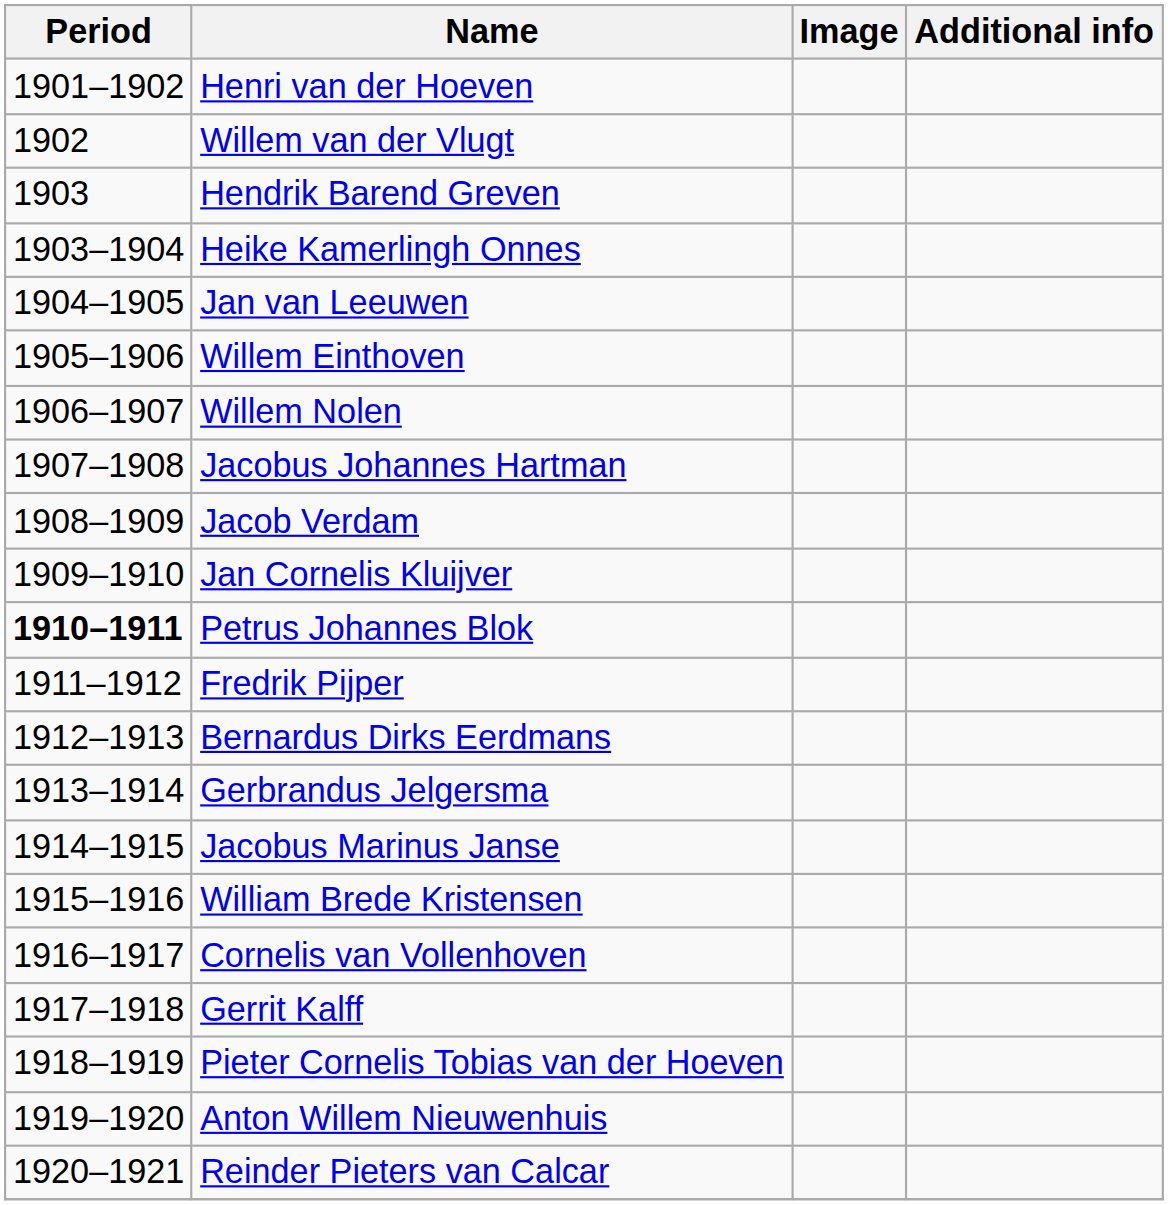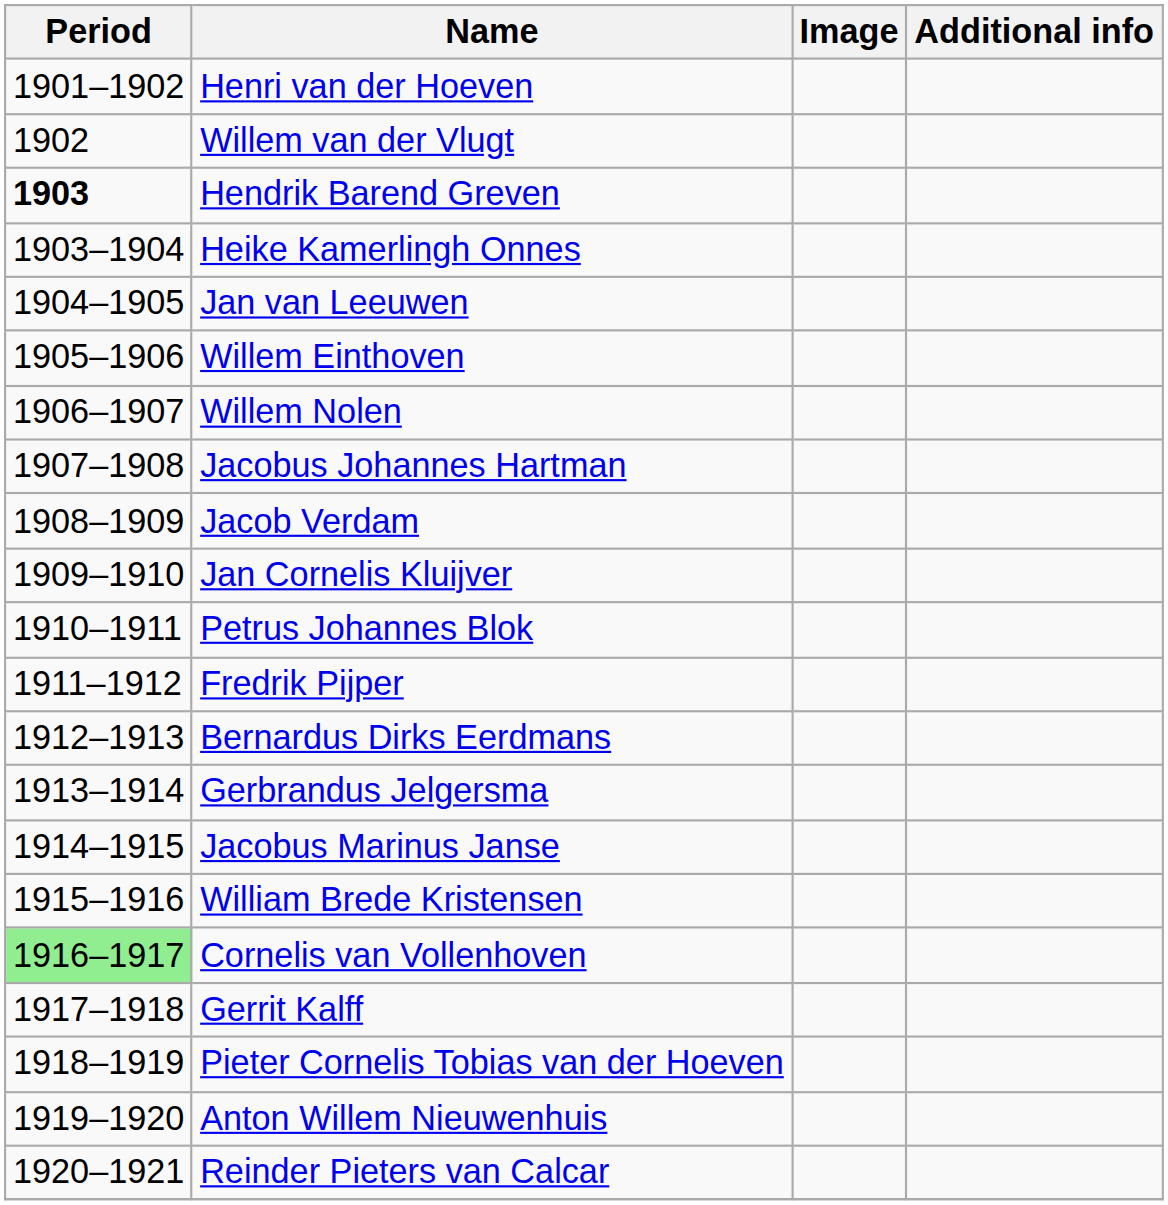 <table class="wikitable">
 <tr>
 <th>Period</th>
 <th>Name</th>
 <th>Image</th>
 <th>Additional info</th>
 </tr>
 <tr>
 <td>1901–1902</td>
 <td><a href='#'>Henri van der Hoeven</a></td>
 <td></td>
 <td></td>
 </tr>
 <tr>
 <td>1902</td>
 <td><a href='#'>Willem van der Vlugt</a></td>
 <td></td>
 <td></td>
 </tr>
 <tr>
-<td>1903</td>
+<td><strong>1903</strong></td>
 <td><a href='#'>Hendrik Barend Greven</a></td>
 <td></td>
 <td></td>
 </tr>
 <tr>
 <td>1903–1904</td>
 <td><a href='#'>Heike Kamerlingh Onnes</a></td>
 <td></td>
 <td></td>
 </tr>
 <tr>
 <td>1904–1905</td>
 <td><a href='#'>Jan van Leeuwen</a></td>
 <td></td>
 <td></td>
 </tr>
 <tr>
 <td>1905–1906</td>
 <td><a href='#'>Willem Einthoven</a></td>
 <td></td>
 <td></td>
 </tr>
 <tr>
 <td>1906–1907</td>
 <td><a href='#'>Willem Nolen</a></td>
 <td></td>
 <td></td>
 </tr>
 <tr>
 <td>1907–1908</td>
 <td><a href='#'>Jacobus Johannes Hartman</a></td>
 <td></td>
 <td></td>
 </tr>
 <tr>
 <td>1908–1909</td>
 <td><a href='#'>Jacob Verdam</a></td>
 <td></td>
 <td></td>
 </tr>
 <tr>
 <td>1909–1910</td>
 <td><a href='#'>Jan Cornelis Kluijver</a></td>
 <td></td>
 <td></td>
 </tr>
 <tr>
-<td><strong>1910–1911</strong></td>
+<td>1910–1911</td>
 <td><a href='#'>Petrus Johannes Blok</a></td>
 <td></td>
 <td></td>
 </tr>
 <tr>
 <td>1911–1912</td>
 <td><a href='#'>Fredrik Pijper</a></td>
 <td></td>
 <td></td>
 </tr>
 <tr>
 <td>1912–1913</td>
 <td><a href='#'>Bernardus Dirks Eerdmans</a></td>
 <td></td>
 <td></td>
 </tr>
 <tr>
 <td>1913–1914</td>
 <td><a href='#'>Gerbrandus Jelgersma</a></td>
 <td></td>
 <td></td>
 </tr>
 <tr>
 <td>1914–1915</td>
 <td><a href='#'>Jacobus Marinus Janse</a></td>
 <td></td>
 <td></td>
 </tr>
 <tr>
 <td>1915–1916</td>
 <td><a href='#'>William Brede Kristensen</a></td>
 <td></td>
 <td></td>
 </tr>
 <tr>
-<td>1916–1917</td>
+<td style="background: lightgreen;">1916–1917</td>
 <td><a href='#'>Cornelis van Vollenhoven</a></td>
 <td></td>
 <td></td>
 </tr>
 <tr>
 <td>1917–1918</td>
 <td><a href='#'>Gerrit Kalff</a></td>
 <td></td>
 <td></td>
 </tr>
 <tr>
 <td>1918–1919</td>
 <td><a href='#'>Pieter Cornelis Tobias van der Hoeven</a></td>
 <td></td>
 <td></td>
 </tr>
 <tr>
 <td>1919–1920</td>
 <td><a href='#'>Anton Willem Nieuwenhuis</a></td>
 <td></td>
 <td></td>
 </tr>
 <tr>
 <td>1920–1921</td>
 <td><a href='#'>Reinder Pieters van Calcar</a></td>
 <td></td>
 <td></td>
 </tr>
 <tr>
 </tr>
 </table>
